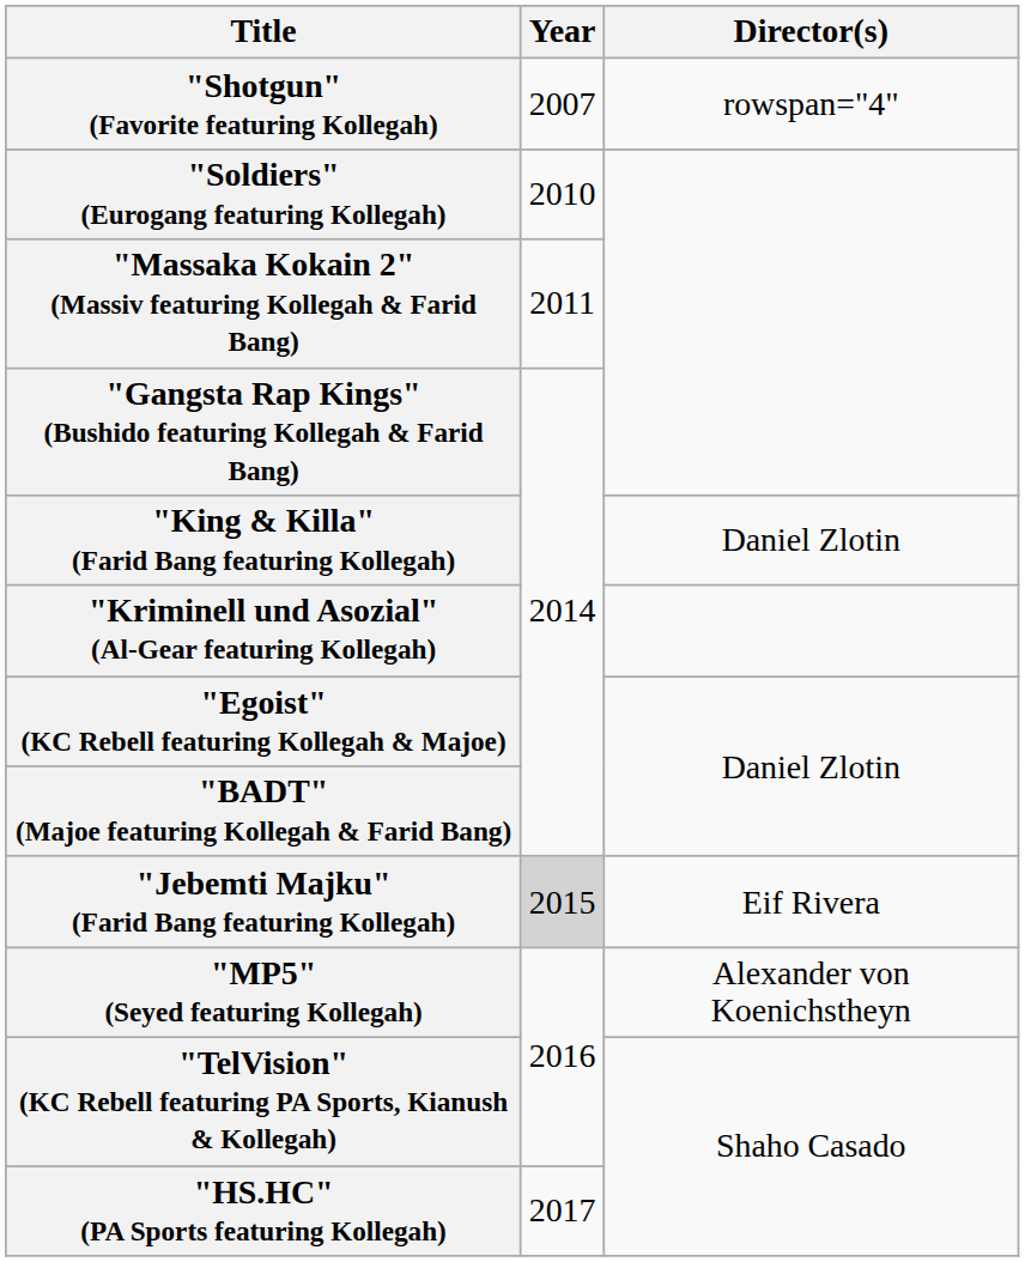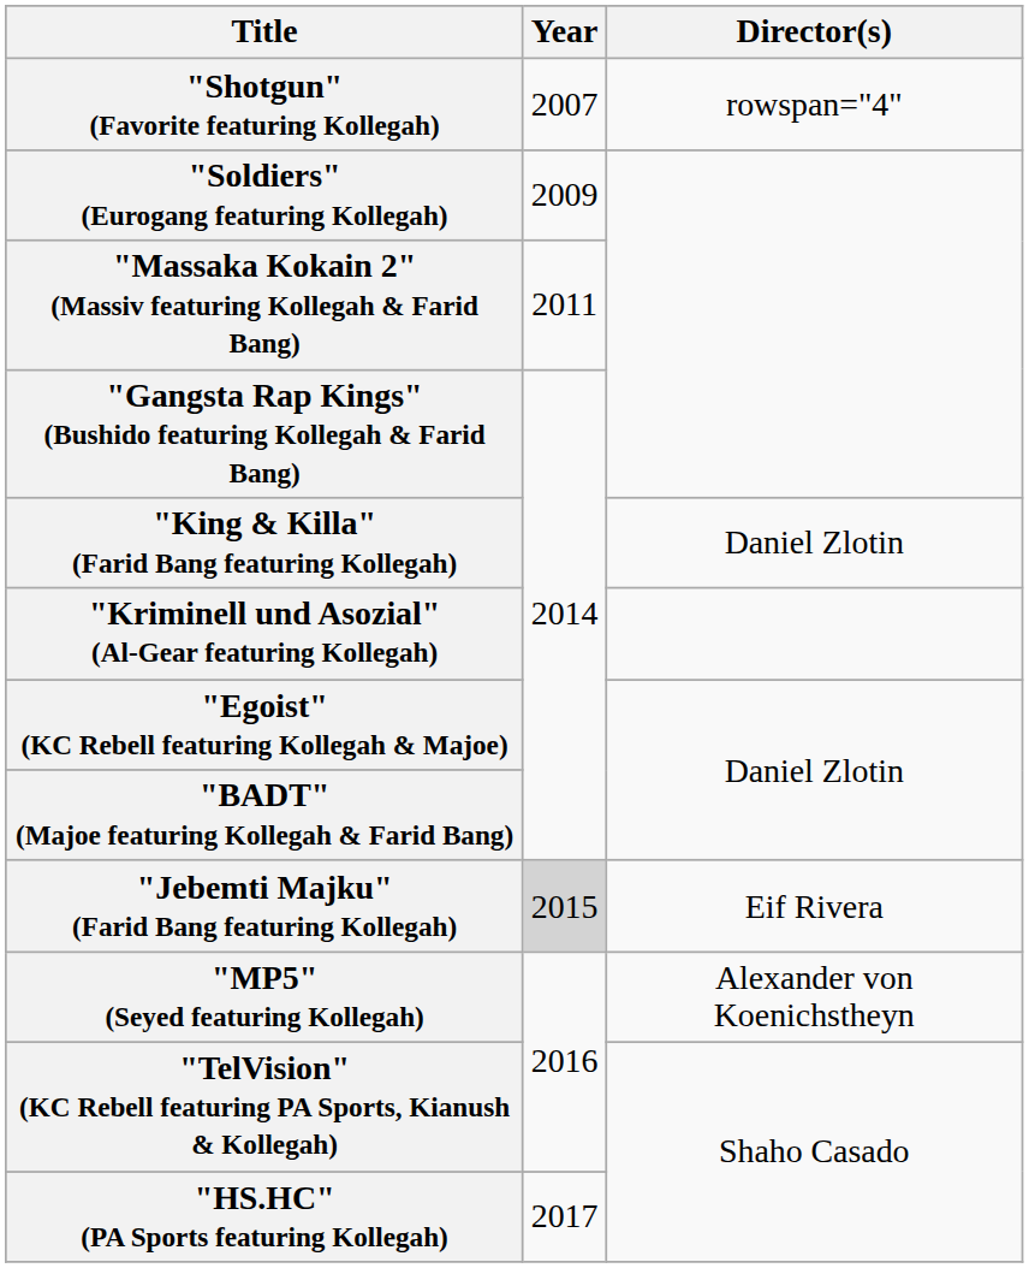 <table class="wikitable plainrowheaders" style="text-align:center;">
 <tr>
 <th scope="col" style="width:15em;">Title</th>
 <th scope="col" style="width:1em;">Year</th>
 <th scope="col" style="width:12em;">Director(s)</th>
 </tr>
 <tr>
 <th scope="row">"Shotgun"<br><small>(Favorite featuring Kollegah)</small></th>
 <td>2007</td>
 <td>rowspan="4" </td>
 </tr>
 <tr>
 <th scope="row">"Soldiers"<br><small>(Eurogang featuring Kollegah)</small></th>
-<td>2010</td>
+<td>2009</td>
 </tr>
 <tr>
 <th scope="row">"Massaka Kokain 2"<br><small>(Massiv featuring Kollegah & Farid Bang)</small></th>
 <td>2011</td>
 </tr>
 <tr>
 <th scope="row">"Gangsta Rap Kings"<br><small>(Bushido featuring Kollegah & Farid Bang)</small></th>
 <td rowspan="5">2014</td>
 </tr>
 <tr>
 <th scope="row">"King & Killa"<br><small>(Farid Bang featuring Kollegah)</small></th>
 <td>Daniel Zlotin</td>
 </tr>
 <tr>
 <th scope="row">"Kriminell und Asozial"<br><small>(Al-Gear featuring Kollegah)</small></th>
 <td></td>
 </tr>
 <tr>
 <th scope="row">"Egoist"<br><small>(KC Rebell featuring Kollegah & Majoe)</small></th>
 <td rowspan="2">Daniel Zlotin</td>
 </tr>
 <tr>
 <th scope="row">"BADT"<br><small>(Majoe featuring Kollegah & Farid Bang)</small></th>
 </tr>
 <tr>
 <th scope="row">"Jebemti Majku"<br><small>(Farid Bang featuring Kollegah)</small></th>
 <td style="background: lightgrey;">2015</td>
 <td>Eif Rivera</td>
 </tr>
 <tr>
 <th scope="row">"MP5"<br><small>(Seyed featuring Kollegah)</small></th>
 <td rowspan="2">2016</td>
 <td>Alexander von Koenichstheyn</td>
 </tr>
 <tr>
 <th scope="row">"TelVision"<br><small>(KC Rebell featuring PA Sports, Kianush & Kollegah)</small></th>
 <td rowspan="2">Shaho Casado</td>
 </tr>
 <tr>
 <th scope="row">"HS.HC"<br><small>(PA Sports featuring Kollegah)</small></th>
 <td>2017</td>
 </tr>
 </table>
